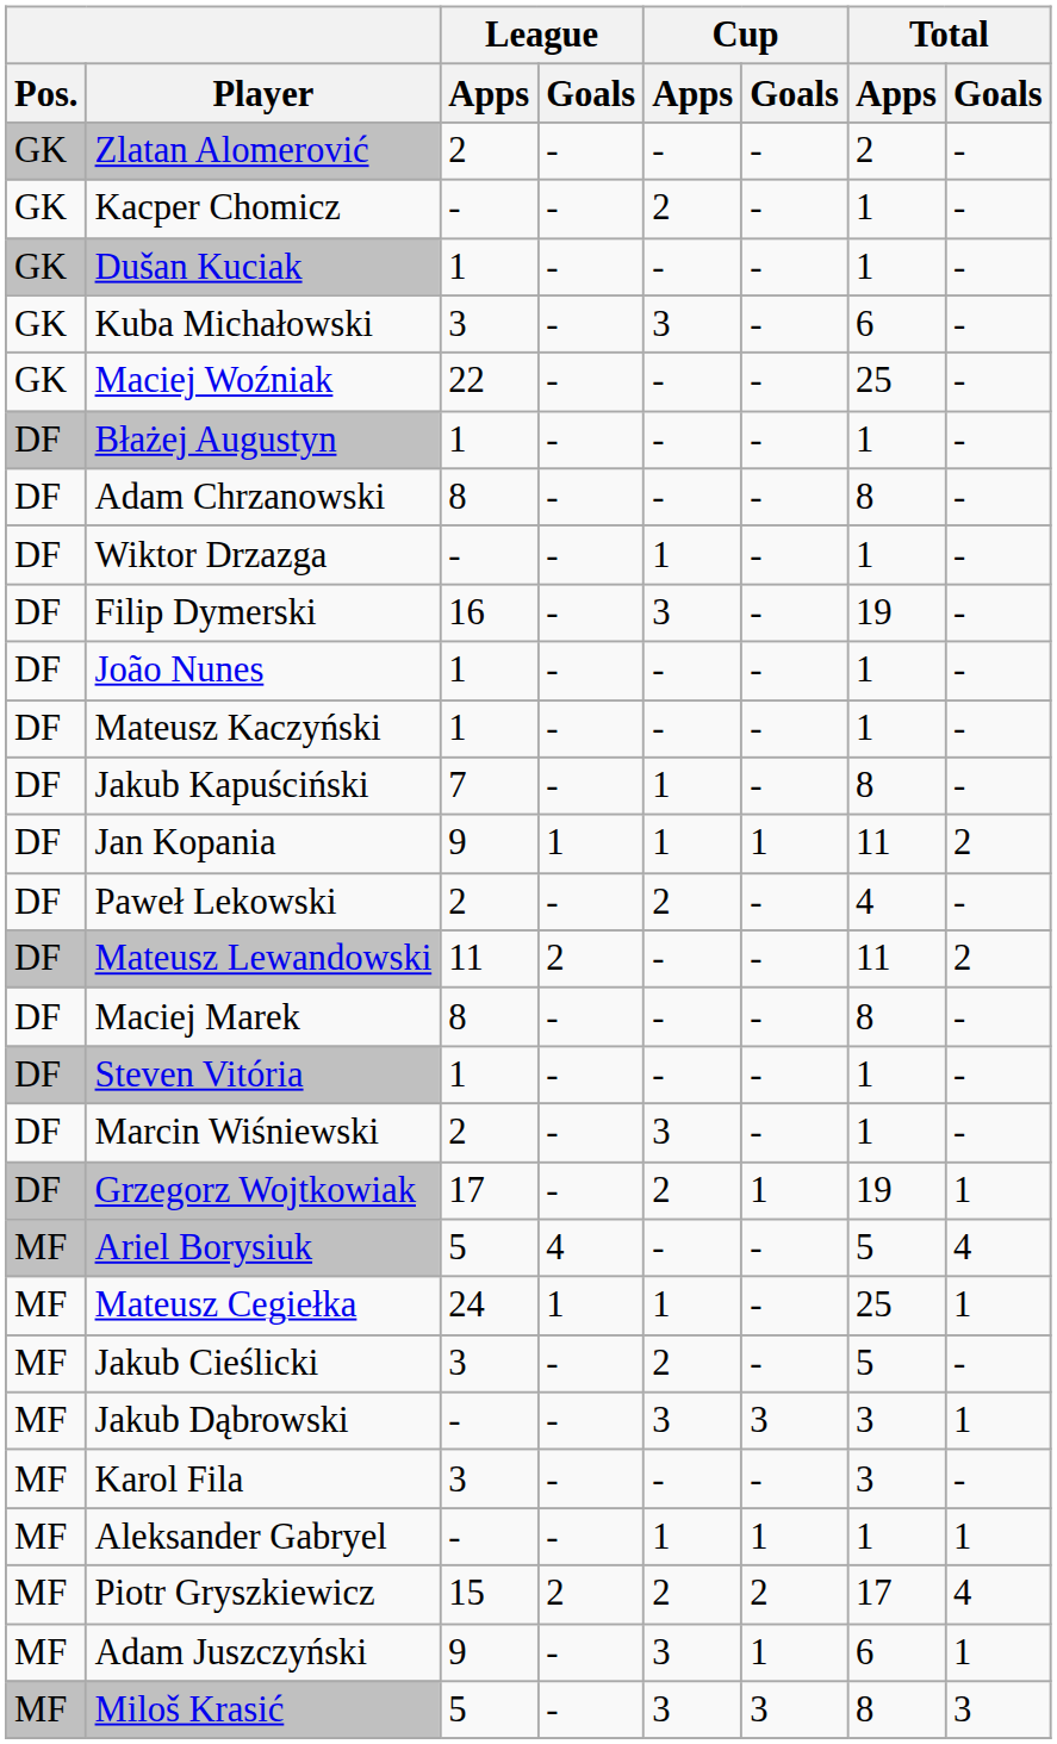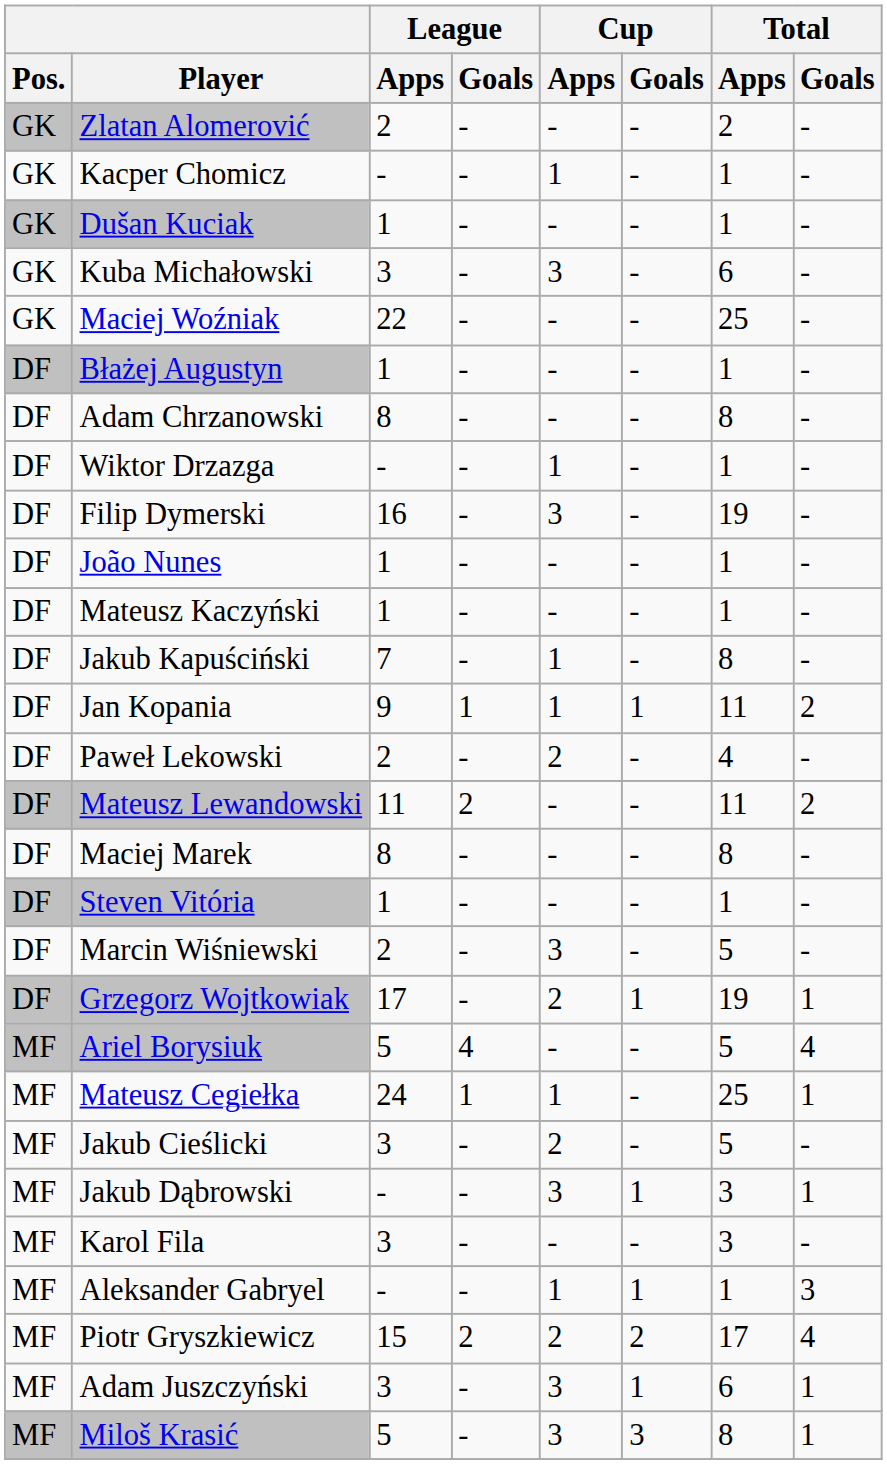 <table class="wikitable" style="display: inline-table;">
 <tr>
 <th colspan="2"></th>
 <th colspan="2">League</th>
 <th colspan="2">Cup</th>
 <th colspan="2">Total</th>
 </tr>
 <tr>
 <th>Pos.</th>
 <th>Player</th>
 <th>Apps</th>
 <th>Goals</th>
 <th>Apps</th>
 <th>Goals</th>
 <th>Apps</th>
 <th>Goals</th>
 </tr>
 <tr>
 <td bgcolor=silver >GK</td>
 <td bgcolor=silver ><a href='#'>Zlatan Alomerović</a></td>
 <td>2</td>
 <td>-</td>
 <td>-</td>
 <td>-</td>
 <td>2</td>
 <td>-</td>
 </tr>
 <tr>
 <td>GK</td>
 <td>Kacper Chomicz</td>
 <td>-</td>
 <td>-</td>
-<td>2</td>
+<td>1</td>
 <td>-</td>
 <td>1</td>
 <td>-</td>
 </tr>
 <tr>
 <td bgcolor=silver >GK</td>
 <td bgcolor=silver ><a href='#'>Dušan Kuciak</a></td>
 <td>1</td>
 <td>-</td>
 <td>-</td>
 <td>-</td>
 <td>1</td>
 <td>-</td>
 </tr>
 <tr>
 <td>GK</td>
 <td>Kuba Michałowski</td>
 <td>3</td>
 <td>-</td>
 <td>3</td>
 <td>-</td>
 <td>6</td>
 <td>-</td>
 </tr>
 <tr>
 <td>GK</td>
 <td><a href='#'>Maciej Woźniak</a></td>
 <td>22</td>
 <td>-</td>
 <td>-</td>
 <td>-</td>
 <td>25</td>
 <td>-</td>
 </tr>
 <tr>
 <td bgcolor=silver >DF</td>
 <td bgcolor=silver ><a href='#'>Błażej Augustyn</a></td>
 <td>1</td>
 <td>-</td>
 <td>-</td>
 <td>-</td>
 <td>1</td>
 <td>-</td>
 </tr>
 <tr>
 <td>DF</td>
 <td>Adam Chrzanowski</td>
 <td>8</td>
 <td>-</td>
 <td>-</td>
 <td>-</td>
 <td>8</td>
 <td>-</td>
 </tr>
 <tr>
 <td>DF</td>
 <td>Wiktor Drzazga</td>
 <td>-</td>
 <td>-</td>
 <td>1</td>
 <td>-</td>
 <td>1</td>
 <td>-</td>
 </tr>
 <tr>
 <td>DF</td>
 <td>Filip Dymerski</td>
 <td>16</td>
 <td>-</td>
 <td>3</td>
 <td>-</td>
 <td>19</td>
 <td>-</td>
 </tr>
 <tr>
 <td>DF</td>
 <td><a href='#'>João Nunes</a></td>
 <td>1</td>
 <td>-</td>
 <td>-</td>
 <td>-</td>
 <td>1</td>
 <td>-</td>
 </tr>
 <tr>
 <td>DF</td>
 <td>Mateusz Kaczyński</td>
 <td>1</td>
 <td>-</td>
 <td>-</td>
 <td>-</td>
 <td>1</td>
 <td>-</td>
 </tr>
 <tr>
 <td>DF</td>
 <td>Jakub Kapuściński</td>
 <td>7</td>
 <td>-</td>
 <td>1</td>
 <td>-</td>
 <td>8</td>
 <td>-</td>
 </tr>
 <tr>
 <td>DF</td>
 <td>Jan Kopania</td>
 <td>9</td>
 <td>1</td>
 <td>1</td>
 <td>1</td>
 <td>11</td>
 <td>2</td>
 </tr>
 <tr>
 <td>DF</td>
 <td>Paweł Lekowski</td>
 <td>2</td>
 <td>-</td>
 <td>2</td>
 <td>-</td>
 <td>4</td>
 <td>-</td>
 </tr>
 <tr>
 <td bgcolor=silver >DF</td>
 <td bgcolor=silver ><a href='#'>Mateusz Lewandowski</a></td>
 <td>11</td>
 <td>2</td>
 <td>-</td>
 <td>-</td>
 <td>11</td>
 <td>2</td>
 </tr>
 <tr>
 <td>DF</td>
 <td>Maciej Marek</td>
 <td>8</td>
 <td>-</td>
 <td>-</td>
 <td>-</td>
 <td>8</td>
 <td>-</td>
 </tr>
 <tr>
 <td bgcolor=silver >DF</td>
 <td bgcolor=silver ><a href='#'>Steven Vitória</a></td>
 <td>1</td>
 <td>-</td>
 <td>-</td>
 <td>-</td>
 <td>1</td>
 <td>-</td>
 </tr>
 <tr>
 <td>DF</td>
 <td>Marcin Wiśniewski</td>
 <td>2</td>
 <td>-</td>
 <td>3</td>
 <td>-</td>
-<td>1</td>
+<td>5</td>
 <td>-</td>
 </tr>
 <tr>
 <td bgcolor=silver >DF</td>
 <td bgcolor=silver ><a href='#'>Grzegorz Wojtkowiak</a></td>
 <td>17</td>
 <td>-</td>
 <td>2</td>
 <td>1</td>
 <td>19</td>
 <td>1</td>
 </tr>
 <tr>
 <td bgcolor=silver >MF</td>
 <td bgcolor=silver ><a href='#'>Ariel Borysiuk</a></td>
 <td>5</td>
 <td>4</td>
 <td>-</td>
 <td>-</td>
 <td>5</td>
 <td>4</td>
 </tr>
 <tr>
 <td>MF</td>
 <td><a href='#'>Mateusz Cegiełka</a></td>
 <td>24</td>
 <td>1</td>
 <td>1</td>
 <td>-</td>
 <td>25</td>
 <td>1</td>
 </tr>
 <tr>
 <td>MF</td>
 <td>Jakub Cieślicki</td>
 <td>3</td>
 <td>-</td>
 <td>2</td>
 <td>-</td>
 <td>5</td>
 <td>-</td>
 </tr>
 <tr>
 <td>MF</td>
 <td>Jakub Dąbrowski</td>
 <td>-</td>
 <td>-</td>
 <td>3</td>
-<td>3</td>
+<td>1</td>
 <td>3</td>
 <td>1</td>
 </tr>
 <tr>
 <td>MF</td>
 <td>Karol Fila</td>
 <td>3</td>
 <td>-</td>
 <td>-</td>
 <td>-</td>
 <td>3</td>
 <td>-</td>
 </tr>
 <tr>
 <td>MF</td>
 <td>Aleksander Gabryel</td>
 <td>-</td>
 <td>-</td>
 <td>1</td>
 <td>1</td>
 <td>1</td>
-<td>1</td>
+<td>3</td>
 </tr>
 <tr>
 <td>MF</td>
 <td>Piotr Gryszkiewicz</td>
 <td>15</td>
 <td>2</td>
 <td>2</td>
 <td>2</td>
 <td>17</td>
 <td>4</td>
 </tr>
 <tr>
 <td>MF</td>
 <td>Adam Juszczyński</td>
-<td>9</td>
+<td>3</td>
 <td>-</td>
 <td>3</td>
 <td>1</td>
 <td>6</td>
 <td>1</td>
 </tr>
 <tr>
 <td bgcolor=silver >MF</td>
 <td bgcolor=silver ><a href='#'>Miloš Krasić</a></td>
 <td>5</td>
 <td>-</td>
 <td>3</td>
 <td>3</td>
 <td>8</td>
-<td>3</td>
+<td>1</td>
 </tr>
 </table>
